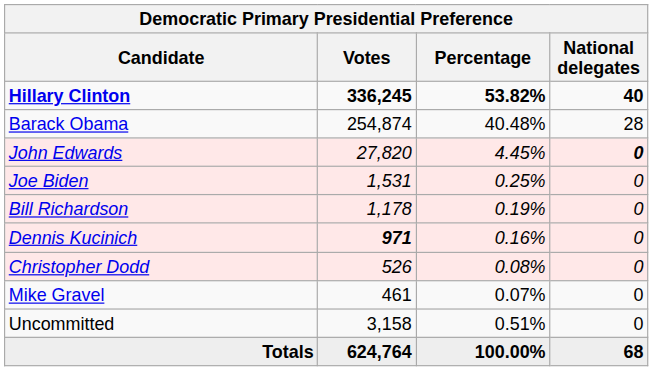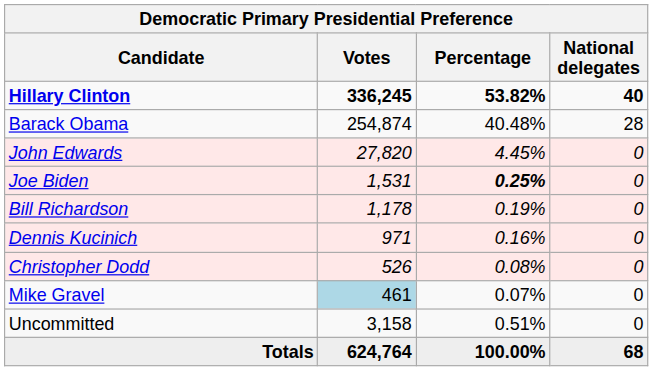 <table class="wikitable" style="font-size: 95%; text-align:right;">
 <tr>
 <th colspan="4">Democratic Primary Presidential Preference</th>
 </tr>
 <tr>
 <th style="width: 17em">Candidate</th>
 <th style="width: 5em">Votes</th>
 <th style="width: 7em">Percentage</th>
 <th style="width: 5em">National delegates</th>
 </tr>
 <tr>
 <td align="left"><strong><a href='#'>Hillary Clinton</a></strong></td>
 <td><strong>336,245</strong></td>
 <td><strong>53.82%</strong></td>
 <td><strong>40</strong></td>
 </tr>
 <tr>
 <td align="left"><a href='#'>Barack Obama</a></td>
 <td>254,874</td>
 <td>40.48%</td>
 <td>28</td>
 </tr>
 <tr bgcolor=#FFE8E8>
 <td align="left"><em><a href='#'>John Edwards</a></em></td>
 <td><em>27,820</em></td>
 <td><em>4.45%</em></td>
-<td><strong><em>0</em></strong></td>
+<td><em>0</em></td>
 </tr>
 <tr bgcolor=#FFE8E8>
 <td align="left"><em><a href='#'>Joe Biden</a></em></td>
 <td><em>1,531</em></td>
-<td><em>0.25%</em></td>
+<td><strong><em>0.25%</em></strong></td>
 <td><em>0</em></td>
 </tr>
 <tr bgcolor=#FFE8E8>
 <td align="left"><em><a href='#'>Bill Richardson</a></em></td>
 <td><em>1,178</em></td>
 <td><em>0.19%</em></td>
 <td><em>0</em></td>
 </tr>
 <tr bgcolor=#FFE8E8>
 <td align="left"><em><a href='#'>Dennis Kucinich</a></em></td>
-<td><strong><em>971</em></strong></td>
+<td><em>971</em></td>
 <td><em>0.16%</em></td>
 <td><em>0</em></td>
 </tr>
 <tr bgcolor=#FFE8E8>
 <td align="left"><em><a href='#'>Christopher Dodd</a></em></td>
 <td><em>526</em></td>
 <td><em>0.08%</em></td>
 <td><em>0</em></td>
 </tr>
 <tr>
 <td align="left"><a href='#'>Mike Gravel</a></td>
-<td>461</td>
+<td style="background: lightblue;">461</td>
 <td>0.07%</td>
 <td>0</td>
 </tr>
 <tr>
 <td align="left">Uncommitted</td>
 <td>3,158</td>
 <td>0.51%</td>
 <td>0</td>
 </tr>
 <tr bgcolor="#EEEEEE" style="margin-right:0.5em">
 <td><strong>Totals</strong></td>
 <td><strong>624,764</strong></td>
 <td><strong>100.00%</strong></td>
 <td><strong>68</strong></td>
 </tr>
 </table>
